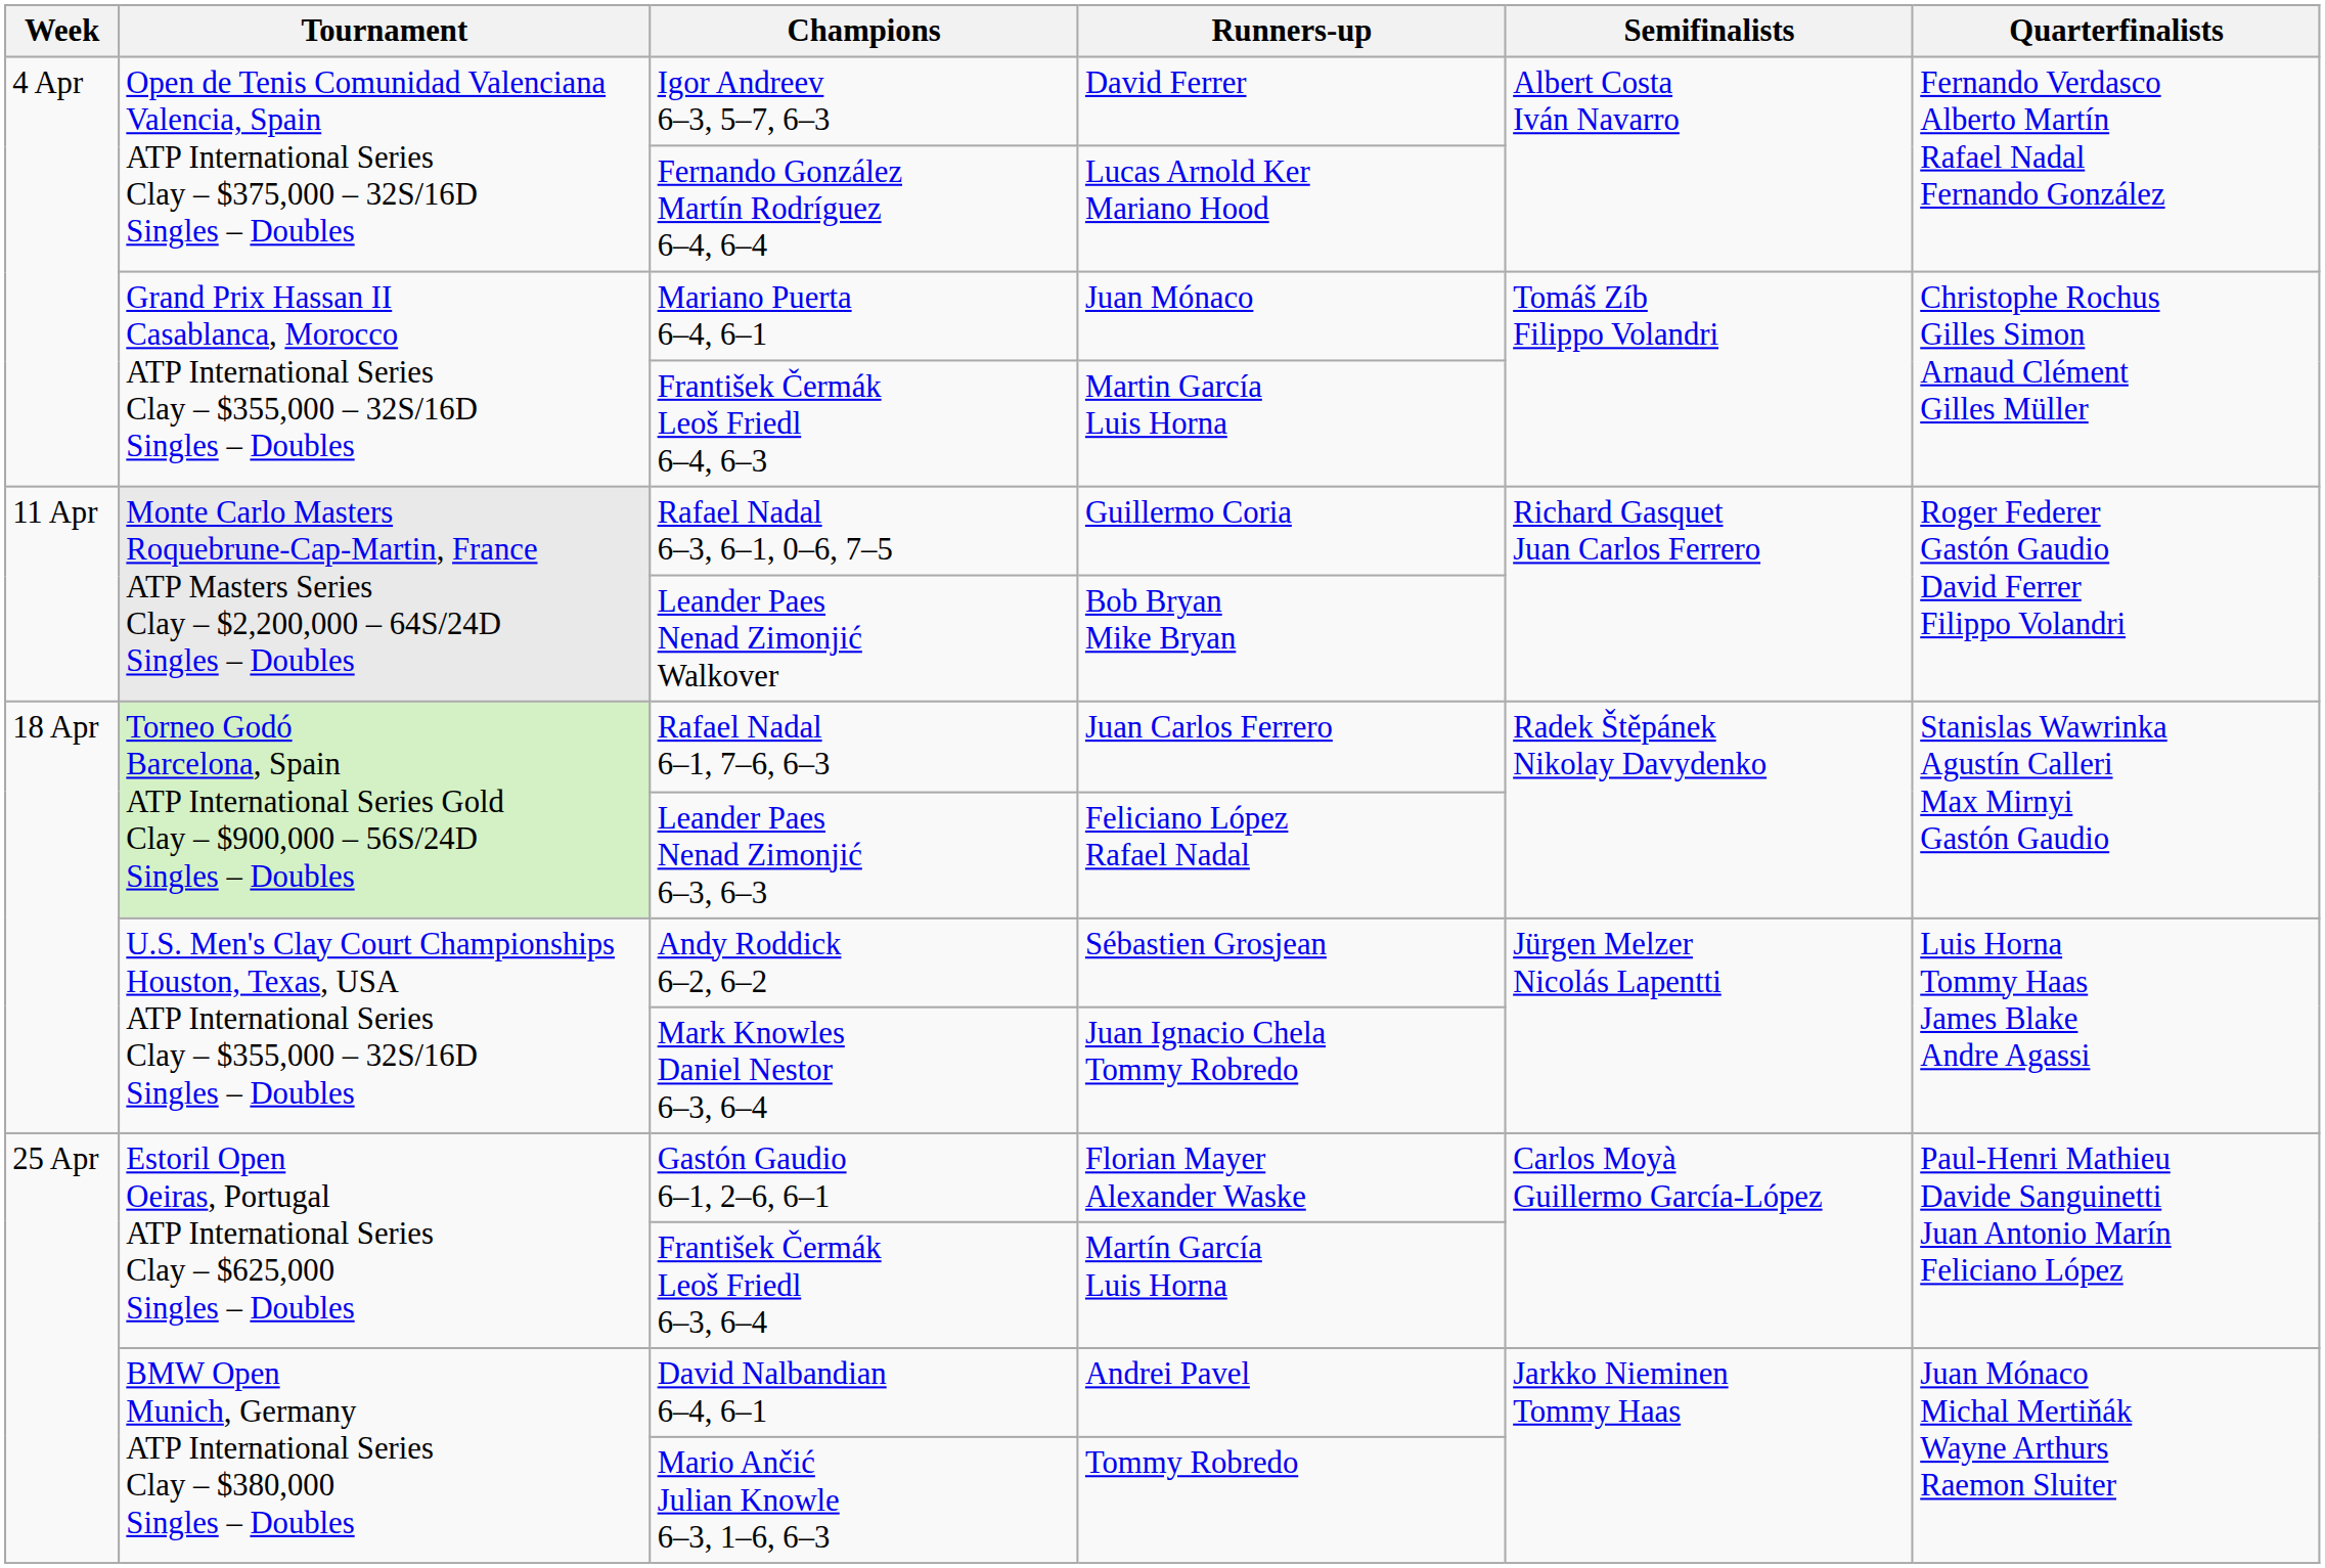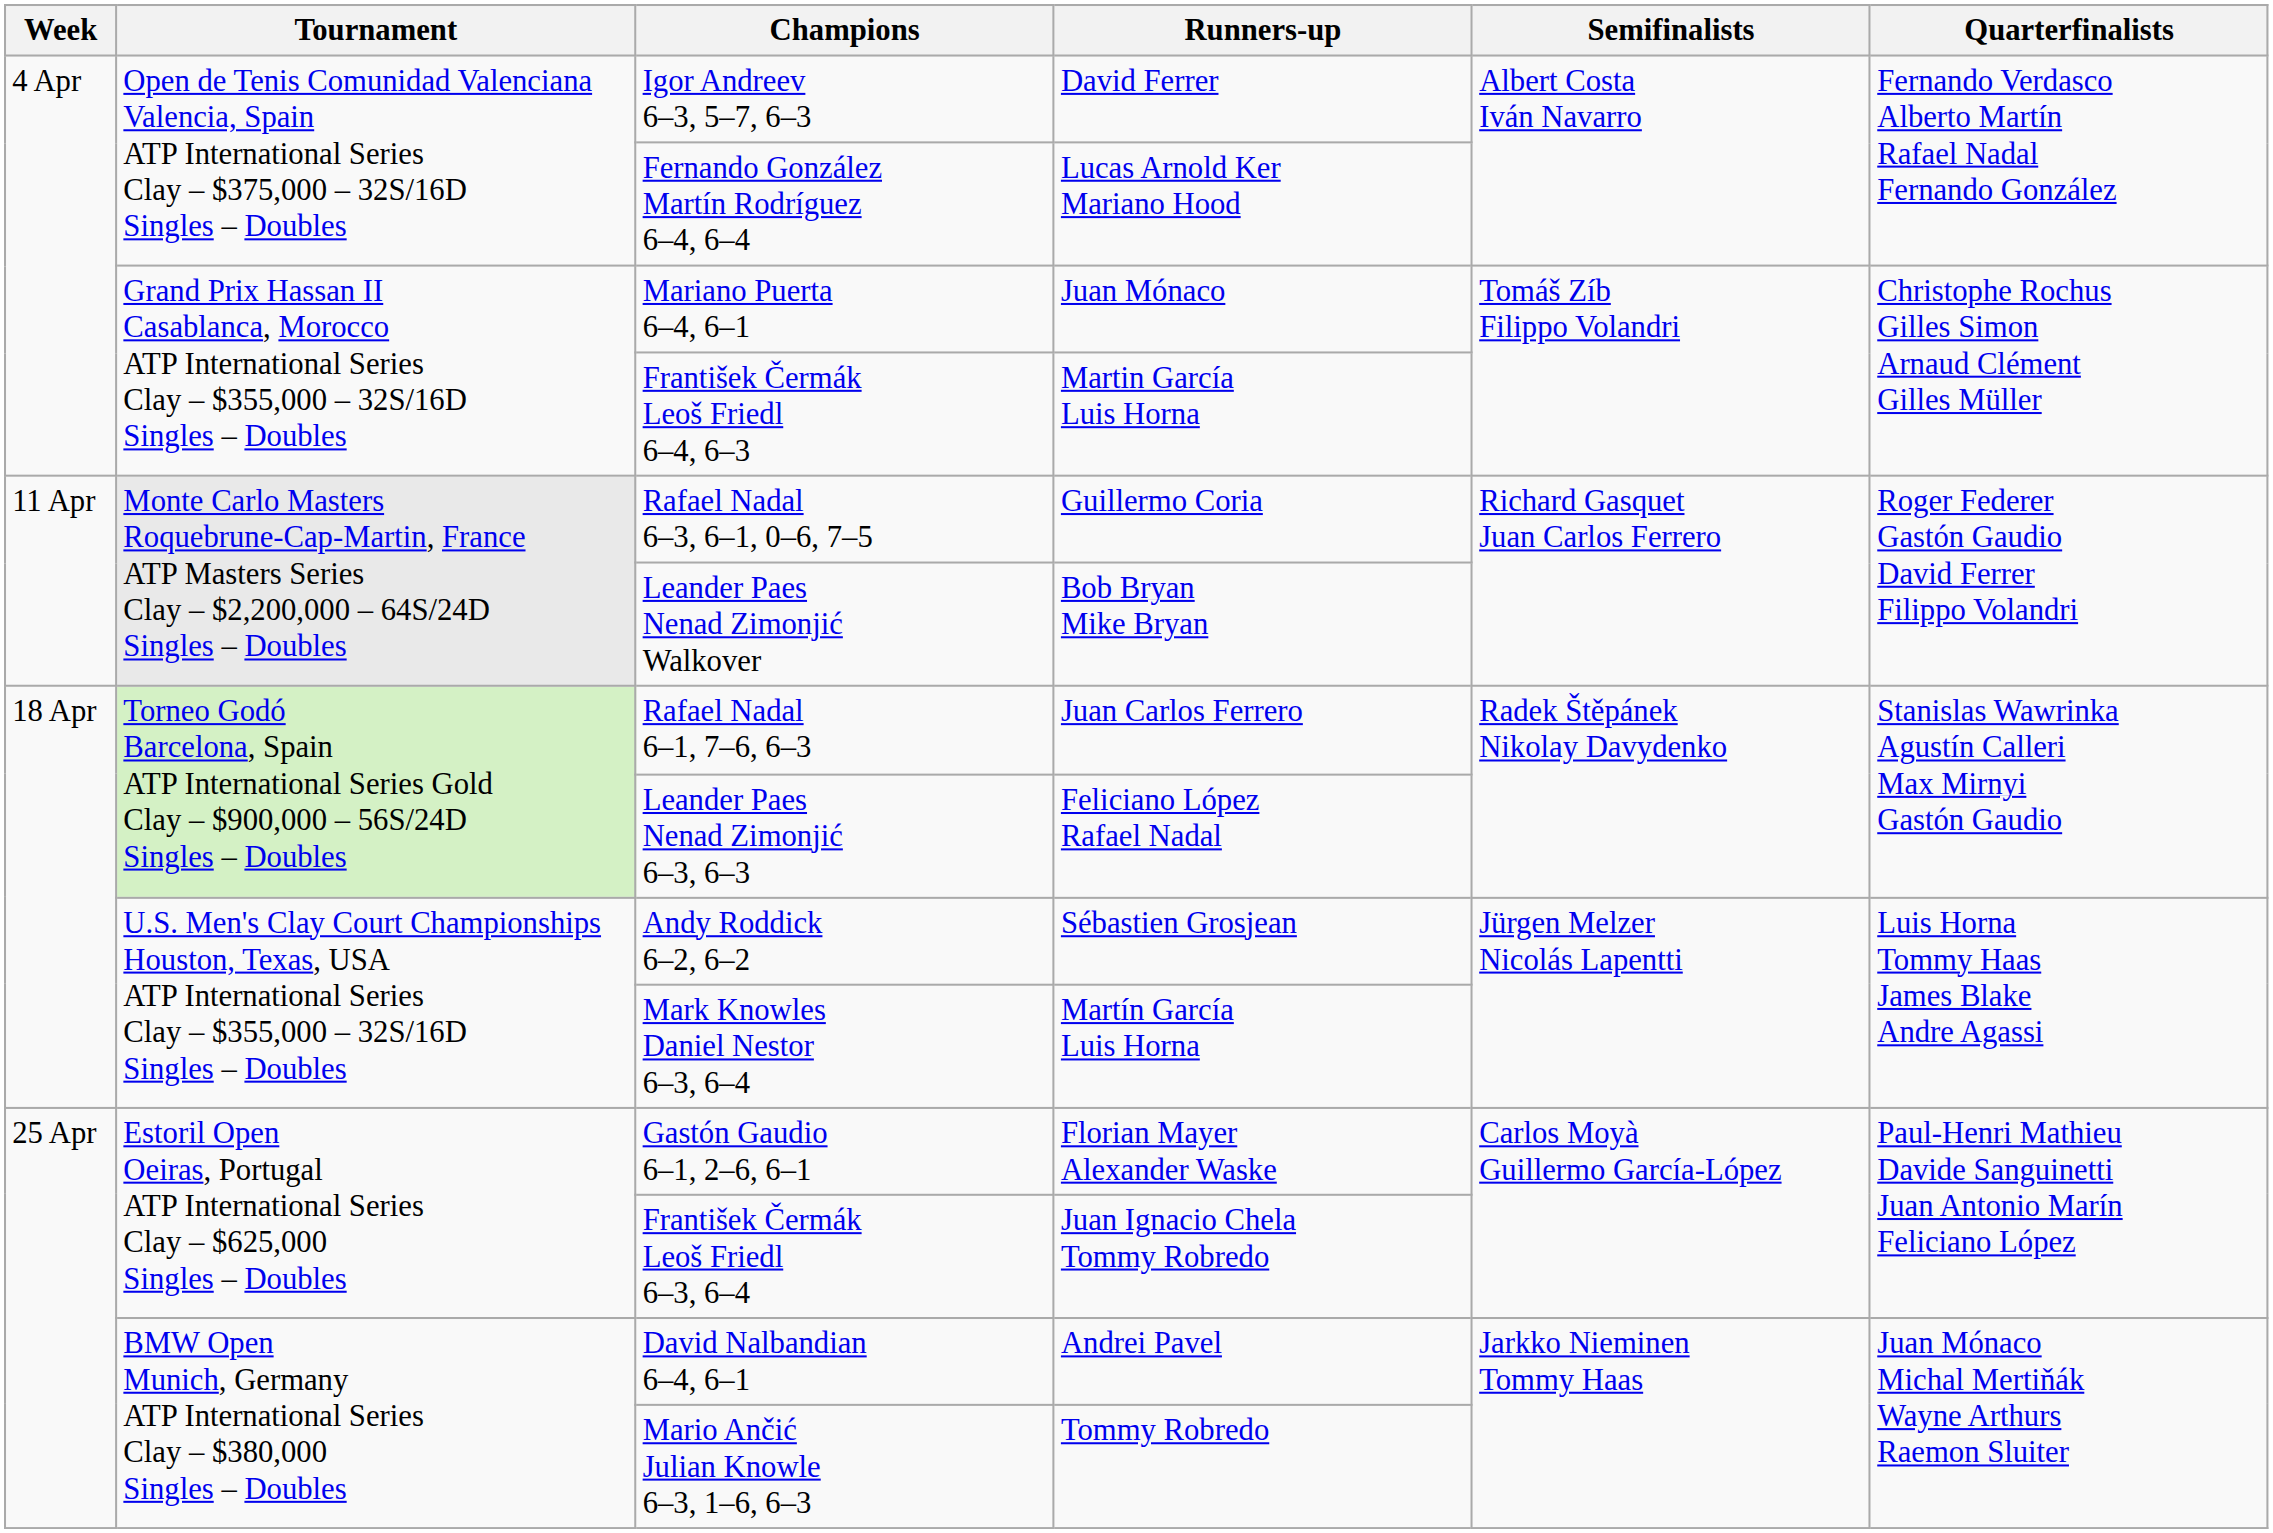 <table class=wikitable style=font-size:95%>
 <tr>
 <th style="width:48px;">Week</th>
 <th style="width:250px;">Tournament</th>
 <th style="width:200px;">Champions</th>
 <th style="width:200px;">Runners-up</th>
 <th style="width:190px;">Semifinalists</th>
 <th style="width:190px;">Quarterfinalists</th>
 </tr>
 <tr valign=top>
 <td rowspan=4>4 Apr</td>
 <td rowspan=2><a href='#'>Open de Tenis Comunidad Valenciana</a><br> <a href='#'>Valencia, Spain</a><br>ATP International Series<br>Clay – $375,000 – 32S/16D <br> <a href='#'>Singles</a> – <a href='#'>Doubles</a></td>
 <td> <a href='#'>Igor Andreev</a><br> 6–3, 5–7, 6–3</td>
 <td> <a href='#'>David Ferrer</a></td>
 <td rowspan=2> <a href='#'>Albert Costa</a> <br> <a href='#'>Iván Navarro</a></td>
 <td rowspan=2> <a href='#'>Fernando Verdasco</a> <br> <a href='#'>Alberto Martín</a><br> <a href='#'>Rafael Nadal</a> <br> <a href='#'>Fernando González</a></td>
 </tr>
 <tr valign=top>
 <td> <a href='#'>Fernando González</a><br> <a href='#'>Martín Rodríguez</a> <br> 6–4, 6–4</td>
 <td> <a href='#'>Lucas Arnold Ker</a><br> <a href='#'>Mariano Hood</a></td>
 </tr>
 <tr valign=top>
 <td rowspan=2><a href='#'>Grand Prix Hassan II</a><br> <a href='#'>Casablanca</a>, <a href='#'>Morocco</a><br>ATP International Series<br>Clay – $355,000 – 32S/16D <br> <a href='#'>Singles</a> – <a href='#'>Doubles</a></td>
 <td> <a href='#'>Mariano Puerta</a><br> 6–4, 6–1</td>
 <td> <a href='#'>Juan Mónaco</a></td>
 <td rowspan=2> <a href='#'>Tomáš Zíb</a> <br> <a href='#'>Filippo Volandri</a></td>
 <td rowspan=2> <a href='#'>Christophe Rochus</a> <br> <a href='#'>Gilles Simon</a> <br> <a href='#'>Arnaud Clément</a> <br> <a href='#'>Gilles Müller</a></td>
 </tr>
 <tr valign=top>
 <td> <a href='#'>František Čermák</a><br> <a href='#'>Leoš Friedl</a><br> 6–4, 6–3</td>
 <td> <a href='#'>Martin García</a><br> <a href='#'>Luis Horna</a></td>
 </tr>
 <tr valign=top>
 <td rowspan=2>11 Apr</td>
 <td bgcolor=#E9E9E9 rowspan=2><a href='#'>Monte Carlo Masters</a><br> <a href='#'>Roquebrune-Cap-Martin</a>, <a href='#'>France</a><br>ATP Masters Series<br>Clay – $2,200,000 – 64S/24D <br> <a href='#'>Singles</a> – <a href='#'>Doubles</a></td>
 <td> <a href='#'>Rafael Nadal</a><br> 6–3, 6–1, 0–6, 7–5</td>
 <td> <a href='#'>Guillermo Coria</a></td>
 <td rowspan=2> <a href='#'>Richard Gasquet</a><br> <a href='#'>Juan Carlos Ferrero</a></td>
 <td rowspan=2> <a href='#'>Roger Federer</a> <br> <a href='#'>Gastón Gaudio</a> <br> <a href='#'>David Ferrer</a> <br> <a href='#'>Filippo Volandri</a></td>
 </tr>
 <tr valign=top>
 <td> <a href='#'>Leander Paes</a><br> <a href='#'>Nenad Zimonjić</a><br> Walkover</td>
 <td> <a href='#'>Bob Bryan</a><br> <a href='#'>Mike Bryan</a></td>
 </tr>
 <tr valign=top>
 <td rowspan=4>18 Apr</td>
 <td style="background:#d4f1c5;" rowspan=2><a href='#'>Torneo Godó</a><br> <a href='#'>Barcelona</a>, Spain<br>ATP International Series Gold<br>Clay – $900,000 – 56S/24D <br> <a href='#'>Singles</a> – <a href='#'>Doubles</a></td>
 <td> <a href='#'>Rafael Nadal</a><br> 6–1, 7–6, 6–3</td>
 <td> <a href='#'>Juan Carlos Ferrero</a></td>
 <td rowspan=2> <a href='#'>Radek Štěpánek</a> <br> <a href='#'>Nikolay Davydenko</a></td>
 <td rowspan=2> <a href='#'>Stanislas Wawrinka</a> <br> <a href='#'>Agustín Calleri</a> <br> <a href='#'>Max Mirnyi</a> <br> <a href='#'>Gastón Gaudio</a></td>
 </tr>
 <tr valign=top>
 <td> <a href='#'>Leander Paes</a><br> <a href='#'>Nenad Zimonjić</a> <br> 6–3, 6–3</td>
 <td> <a href='#'>Feliciano López</a><br> <a href='#'>Rafael Nadal</a></td>
 </tr>
 <tr valign=top>
 <td rowspan=2><a href='#'>U.S. Men's Clay Court Championships</a><br> <a href='#'>Houston, Texas</a>, USA<br>ATP International Series<br>Clay – $355,000 – 32S/16D <br> <a href='#'>Singles</a> – <a href='#'>Doubles</a></td>
 <td> <a href='#'>Andy Roddick</a><br> 6–2, 6–2</td>
 <td> <a href='#'>Sébastien Grosjean</a></td>
 <td rowspan=2> <a href='#'>Jürgen Melzer</a> <br>  <a href='#'>Nicolás Lapentti</a></td>
 <td rowspan=2> <a href='#'>Luis Horna</a> <br> <a href='#'>Tommy Haas</a> <br> <a href='#'>James Blake</a> <br> <a href='#'>Andre Agassi</a></td>
 </tr>
 <tr valign=top>
 <td> <a href='#'>Mark Knowles</a><br> <a href='#'>Daniel Nestor</a><br> 6–3, 6–4</td>
-<td> <a href='#'>Juan Ignacio Chela</a><br> <a href='#'>Tommy Robredo</a></td>
+<td> <a href='#'>Martín García</a><br> <a href='#'>Luis Horna</a></td>
 </tr>
 <tr valign=top>
 <td rowspan=4>25 Apr</td>
 <td rowspan=2><a href='#'>Estoril Open</a><br> <a href='#'>Oeiras</a>, Portugal<br>ATP International Series<br>Clay – $625,000 <br> <a href='#'>Singles</a> – <a href='#'>Doubles</a></td>
 <td> <a href='#'>Gastón Gaudio</a><br> 6–1, 2–6, 6–1</td>
 <td> <a href='#'>Florian Mayer</a><br> <a href='#'>Alexander Waske</a></td>
 <td rowspan=2> <a href='#'>Carlos Moyà</a> <br> <a href='#'>Guillermo García-López</a></td>
 <td rowspan=2> <a href='#'>Paul-Henri Mathieu</a> <br> <a href='#'>Davide Sanguinetti</a><br> <a href='#'>Juan Antonio Marín</a> <br> <a href='#'>Feliciano López</a></td>
 </tr>
 <tr valign=top>
 <td> <a href='#'>František Čermák</a><br> <a href='#'>Leoš Friedl</a> <br> 6–3, 6–4</td>
-<td> <a href='#'>Martín García</a><br> <a href='#'>Luis Horna</a></td>
+<td> <a href='#'>Juan Ignacio Chela</a><br> <a href='#'>Tommy Robredo</a></td>
 </tr>
 <tr valign=top>
 <td rowspan=2><a href='#'>BMW Open</a><br><a href='#'>Munich</a>, Germany<br>ATP International Series<br>Clay – $380,000 <br> <a href='#'>Singles</a> – <a href='#'>Doubles</a></td>
 <td> <a href='#'>David Nalbandian</a><br> 6–4, 6–1</td>
 <td> <a href='#'>Andrei Pavel</a></td>
 <td rowspan=2> <a href='#'>Jarkko Nieminen</a> <br> <a href='#'>Tommy Haas</a></td>
 <td rowspan=2> <a href='#'>Juan Mónaco</a> <br> <a href='#'>Michal Mertiňák</a> <br> <a href='#'>Wayne Arthurs</a> <br> <a href='#'>Raemon Sluiter</a></td>
 </tr>
 <tr valign=top>
 <td> <a href='#'>Mario Ančić</a><br> <a href='#'>Julian Knowle</a> <br> 6–3, 1–6, 6–3</td>
 <td> <a href='#'>Tommy Robredo</a></td>
 </tr>
 </table>
